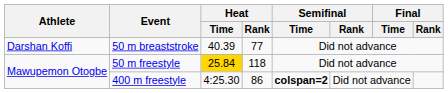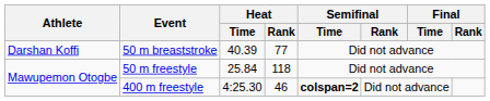 <table class="wikitable" style="text-align:center; font-size:90%">
 <tr>
 <th rowspan="2">Athlete</th>
 <th rowspan="2">Event</th>
 <th colspan="2">Heat</th>
 <th colspan="2">Semifinal</th>
 <th colspan="2">Final</th>
 </tr>
 <tr style="font-size:95%">
 <th>Time</th>
 <th>Rank</th>
 <th>Time</th>
 <th>Rank</th>
 <th>Time</th>
 <th>Rank</th>
 </tr>
 <tr>
 <td align=left><a href='#'>Darshan Koffi</a></td>
 <td align=left><a href='#'>50 m breaststroke</a></td>
 <td>40.39</td>
 <td>77</td>
 <td colspan=4>Did not advance</td>
 </tr>
 <tr>
 <td align=left rowspan=2><a href='#'>Mawupemon Otogbe</a></td>
 <td align=left><a href='#'>50 m freestyle</a></td>
-<td style="background: gold;">25.84</td>
+<td>25.84</td>
 <td>118</td>
 <td colspan=4>Did not advance</td>
 </tr>
 <tr>
 <td align=left><a href='#'>400 m freestyle</a></td>
 <td>4:25.30</td>
-<td>86</td>
+<td>46</td>
 <td><strong>colspan=2</strong></td>
 <td colspan=2>Did not advance</td>
 </tr>
 </table>
